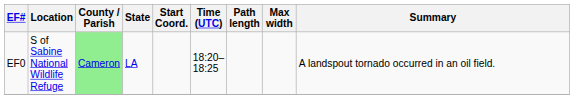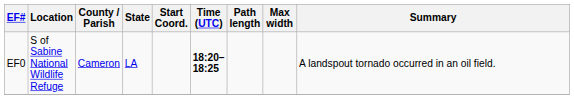 <table class="wikitable sortable" style="width:100%;">
 <tr>
 <th scope="col"  style="width:3%; text-align:center;"><a href='#'>EF#</a></th>
 <th scope="col"  style="width:7%; text-align:center;" class="unsortable">Location</th>
 <th scope="col"  style="width:6%; text-align:center;" class="unsortable">County / Parish</th>
 <th scope="col"  style="width:5%; text-align:center;">State</th>
 <th scope="col"  style="width:6%; text-align:center;">Start Coord.</th>
 <th scope="col"  style="width:6%; text-align:center;">Time (<a href='#'>UTC</a>)</th>
 <th scope="col"  style="width:6%; text-align:center;">Path length</th>
 <th scope="col"  style="width:6%; text-align:center;">Max width</th>
 <th scope="col" class="unsortable" style="width:48%; text-align:center;">Summary</th>
 </tr>
 <tr>
 <td>EF0</td>
 <td>S of <a href='#'>Sabine National Wildlife Refuge</a></td>
-<td style="background: lightgreen;"><a href='#'>Cameron</a></td>
+<td><a href='#'>Cameron</a></td>
 <td><a href='#'>LA</a></td>
 <td></td>
-<td>18:20–18:25</td>
+<td><strong>18:20–18:25</strong></td>
 <td></td>
 <td></td>
 <td>A landspout tornado occurred in an oil field.</td>
 </tr>
 <tr>
 </tr>
 </table>
